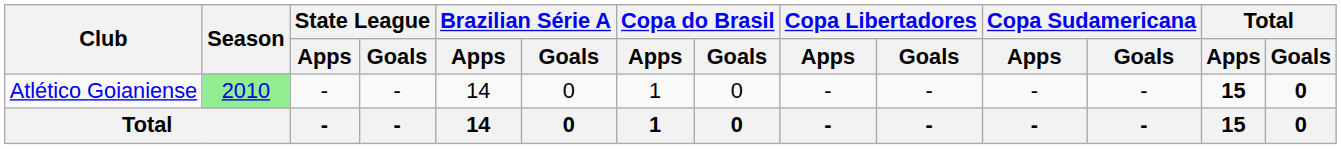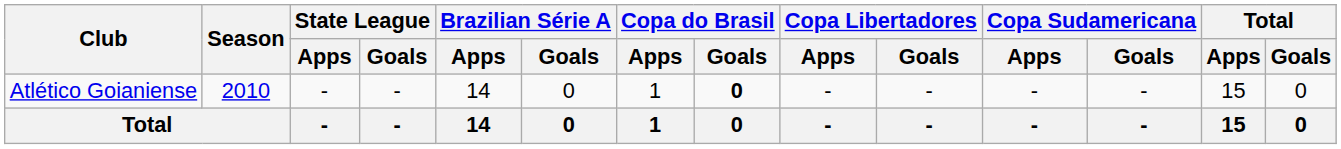 <table class="wikitable" style="text-align: center;">
 <tr>
 <th rowspan="2">Club</th>
 <th rowspan="2">Season</th>
 <th colspan="2">State League</th>
 <th colspan="2"><a href='#'>Brazilian Série A</a></th>
 <th colspan="2"><a href='#'>Copa do Brasil</a></th>
 <th colspan="2"><a href='#'>Copa Libertadores</a></th>
 <th colspan="2"><a href='#'>Copa Sudamericana</a></th>
 <th colspan="2">Total</th>
 </tr>
 <tr>
 <th>Apps</th>
 <th>Goals</th>
 <th>Apps</th>
 <th>Goals</th>
 <th>Apps</th>
 <th>Goals</th>
 <th>Apps</th>
 <th>Goals</th>
 <th>Apps</th>
 <th>Goals</th>
 <th>Apps</th>
 <th>Goals</th>
 </tr>
 <tr>
 <td rowspan="1" valign="center"><a href='#'>Atlético Goianiense</a></td>
-<td style="background: lightgreen;"><a href='#'>2010</a></td>
+<td><a href='#'>2010</a></td>
 <td>-</td>
 <td>-</td>
 <td>14</td>
 <td>0</td>
 <td>1</td>
-<td>0</td>
+<td><strong>0</strong></td>
 <td>-</td>
 <td>-</td>
 <td>-</td>
 <td>-</td>
-<td><strong>15</strong></td>
-<td><strong>0</strong></td>
+<td>15</td>
+<td>0</td>
 </tr>
 <tr>
 <th colspan="2"><strong>Total</strong></th>
 <th>-</th>
 <th>-</th>
 <th>14</th>
 <th>0</th>
 <th>1</th>
 <th>0</th>
 <th>-</th>
 <th>-</th>
 <th>-</th>
 <th>-</th>
 <th>15</th>
 <th>0</th>
 </tr>
 </table>
